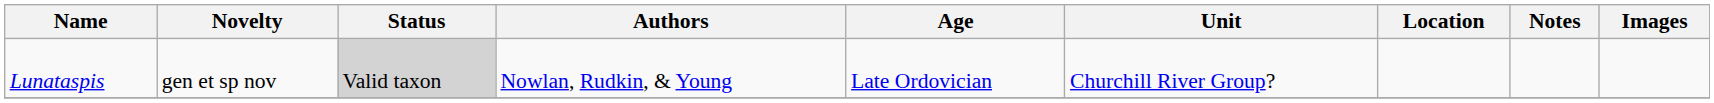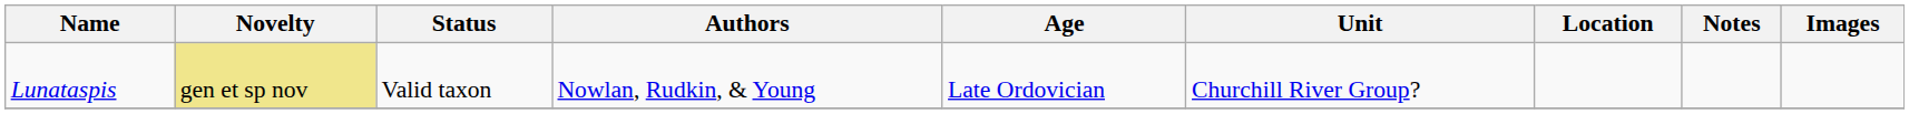 <table class="wikitable sortable" align="center" width="100%">
 <tr>
 <th>Name</th>
 <th>Novelty</th>
 <th>Status</th>
 <th>Authors</th>
 <th>Age</th>
 <th>Unit</th>
 <th>Location</th>
 <th>Notes</th>
 <th>Images</th>
 </tr>
 <tr>
 <td><br><em><a href='#'>Lunataspis</a></em></td>
-<td><br>gen et sp nov</td>
-<td style="background: lightgrey;"><br>Valid taxon</td>
+<td style="background: khaki;"><br>gen et sp nov</td>
+<td><br>Valid taxon</td>
 <td><br><a href='#'>Nowlan</a>, <a href='#'>Rudkin</a>, & <a href='#'>Young</a></td>
 <td><br><a href='#'>Late Ordovician</a></td>
 <td><br><a href='#'>Churchill River Group</a>?</td>
 <td><br></td>
 <td></td>
 <td></td>
 </tr>
 <tr>
 </tr>
 </table>
